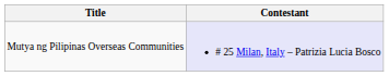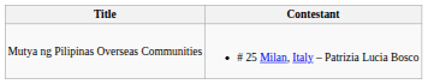 <table class="wikitable sortable" style="font-size: 95%;">
 <tr>
 <th>Title</th>
 <th>Contestant</th>
 </tr>
 <tr>
 <td>Mutya ng Pilipinas Overseas Communities</td>
-<td style="background: lavender;"><br><ul><li># 25 <a href='#'>Milan</a>, <a href='#'>Italy</a> – Patrizia Lucia Bosco</li></ul></td>
+<td><br><ul><li># 25 <a href='#'>Milan</a>, <a href='#'>Italy</a> – Patrizia Lucia Bosco</li></ul></td>
 </tr>
 </table>
